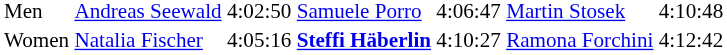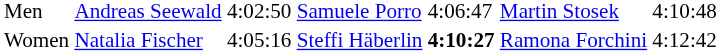 <table>
 <tr>
 <td align="left">Men</td>
 <td> <a href='#'>Andreas Seewald</a></td>
 <td>4:02:50</td>
 <td> <a href='#'>Samuele Porro</a></td>
 <td>4:06:47</td>
 <td> <a href='#'>Martin Stosek</a></td>
 <td>4:10:48</td>
 </tr>
 <tr>
 <td align="left">Women</td>
 <td> <a href='#'>Natalia Fischer</a></td>
 <td>4:05:16</td>
-<td><strong> <a href='#'>Steffi Häberlin</a></strong></td>
-<td>4:10:27</td>
+<td> <a href='#'>Steffi Häberlin</a></td>
+<td><strong>4:10:27</strong></td>
 <td> <a href='#'>Ramona Forchini</a></td>
 <td>4:12:42</td>
 </tr>
 </table>
